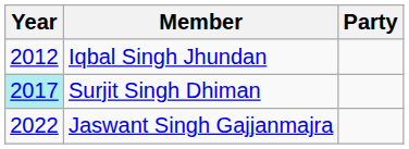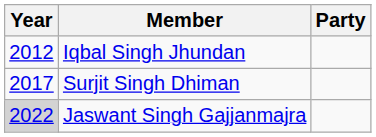 <table class="wikitable sortable">
 <tr>
 <th>Year</th>
 <th>Member</th>
 <th colspan="2">Party</th>
 </tr>
 <tr>
 <td><a href='#'>2012</a></td>
 <td><a href='#'>Iqbal Singh Jhundan</a></td>
 <td></td>
 </tr>
 <tr>
-<td style="background: paleturquoise;"><a href='#'>2017</a></td>
+<td><a href='#'>2017</a></td>
 <td><a href='#'>Surjit Singh Dhiman</a></td>
 <td></td>
 </tr>
 <tr>
-<td><a href='#'>2022</a></td>
+<td style="background: lightgrey;"><a href='#'>2022</a></td>
 <td><a href='#'>Jaswant Singh Gajjanmajra</a></td>
 <td></td>
 </tr>
 </table>
